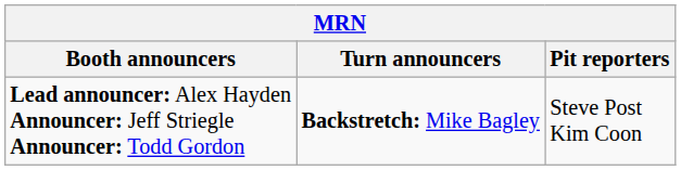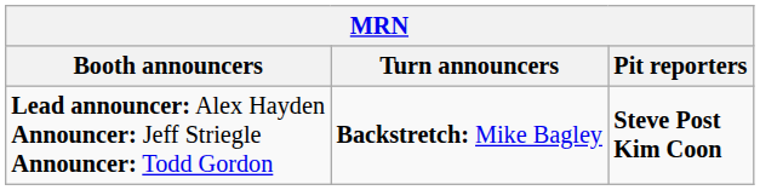 <table class="wikitable" style="font-size: 95%">
 <tr>
 <th colspan="3"><a href='#'>MRN</a></th>
 </tr>
 <tr>
 <th>Booth announcers</th>
 <th>Turn announcers</th>
 <th>Pit reporters</th>
 </tr>
 <tr>
 <td><strong>Lead announcer:</strong> Alex Hayden<br><strong>Announcer:</strong> Jeff Striegle<br><strong>Announcer:</strong> <a href='#'>Todd Gordon</a></td>
 <td><strong>Backstretch:</strong> <a href='#'>Mike Bagley</a></td>
-<td>Steve Post<br>Kim Coon</td>
+<td><strong>Steve Post<br>Kim Coon</strong></td>
 </tr>
 </table>
